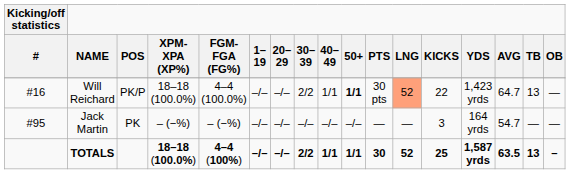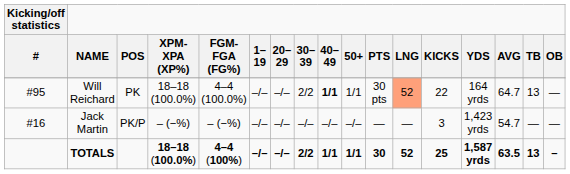 <table style="width:60%; text-align:center;" class="wikitable collapsible collapsed">
 <tr>
 <th style="text-align:center; ">Kicking/off statistics</th>
 </tr>
 <tr>
 <th>#</th>
 <th>NAME</th>
 <th>POS</th>
 <th>XPM-XPA (XP%)</th>
 <th>FGM-FGA (FG%)</th>
 <th>1–19</th>
 <th>20–29</th>
 <th>30–39</th>
 <th>40–49</th>
 <th>50+</th>
 <th>PTS</th>
 <th>LNG</th>
 <th>KICKS</th>
 <th>YDS</th>
 <th>AVG</th>
 <th>TB</th>
 <th>OB</th>
 </tr>
 <tr>
 </tr>
 <tr>
-<td>#16</td>
+<td>#95</td>
 <td>Will Reichard</td>
-<td>PK/P</td>
+<td>PK</td>
 <td>18–18 (100.0%)</td>
 <td>4–4 (100.0%)</td>
 <td>–/–</td>
 <td>–/–</td>
 <td>2/2</td>
+<td><strong>1/1</strong></td>
 <td>1/1</td>
-<td><strong>1/1</strong></td>
 <td>30 pts</td>
 <td style="background: lightsalmon;">52</td>
 <td>22</td>
-<td>1,423 yrds</td>
+<td>164 yrds</td>
 <td>64.7</td>
 <td>13</td>
 <td>—</td>
 </tr>
 <tr>
-<td>#95</td>
+<td>#16</td>
 <td>Jack Martin</td>
-<td>PK</td>
+<td>PK/P</td>
 <td>– (−%)</td>
 <td>– (−%)</td>
 <td>–/–</td>
 <td>–/–</td>
 <td>–/–</td>
 <td>–/–</td>
 <td>–/–</td>
 <td>—</td>
 <td>—</td>
 <td>3</td>
-<td>164 yrds</td>
+<td>1,423 yrds</td>
 <td>54.7</td>
 <td>—</td>
 <td>—</td>
 </tr>
 <tr>
 <td></td>
 <td><strong>TOTALS</strong></td>
 <td></td>
 <td><strong>18–18</strong> (<strong>100.0%</strong>)</td>
 <td><strong>4–4</strong> (<strong>100%</strong>)</td>
 <td><strong>–/–</strong></td>
 <td><strong>–/–</strong></td>
 <td><strong>2/2</strong></td>
 <td><strong>1/1</strong></td>
 <td><strong>1/1</strong></td>
 <td><strong>30</strong></td>
 <td><strong>52</strong></td>
 <td><strong>25</strong></td>
 <td><strong>1,587 yrds</strong></td>
 <td><strong>63.5</strong></td>
 <td><strong>13</strong></td>
 <td><strong>–</strong></td>
 </tr>
 </table>
